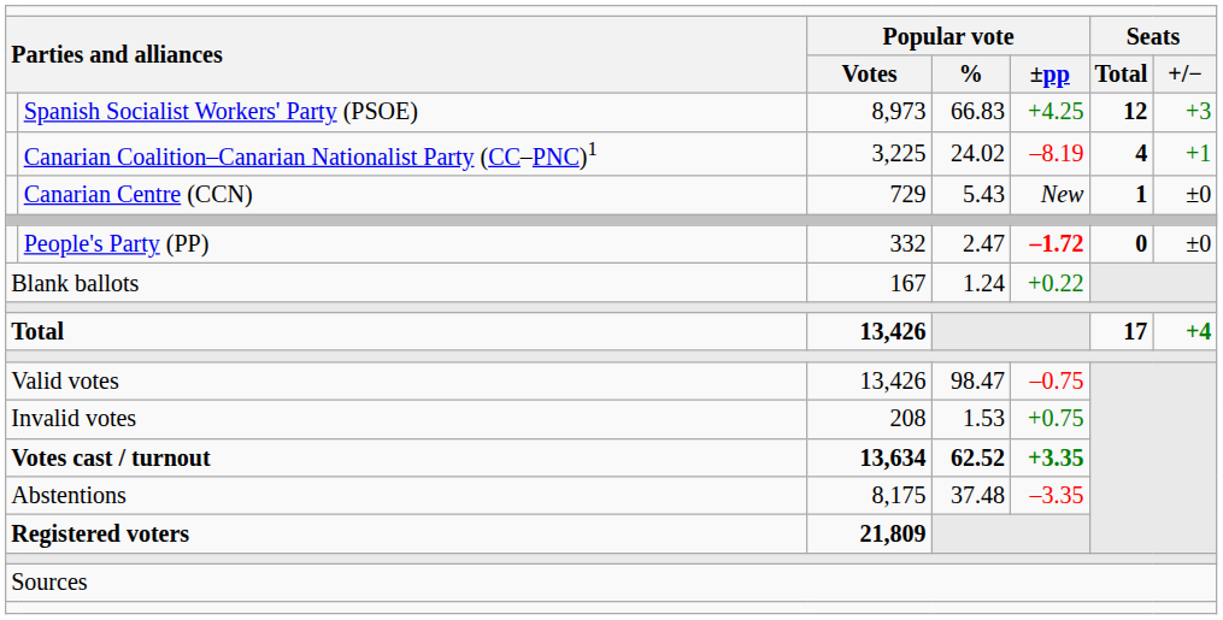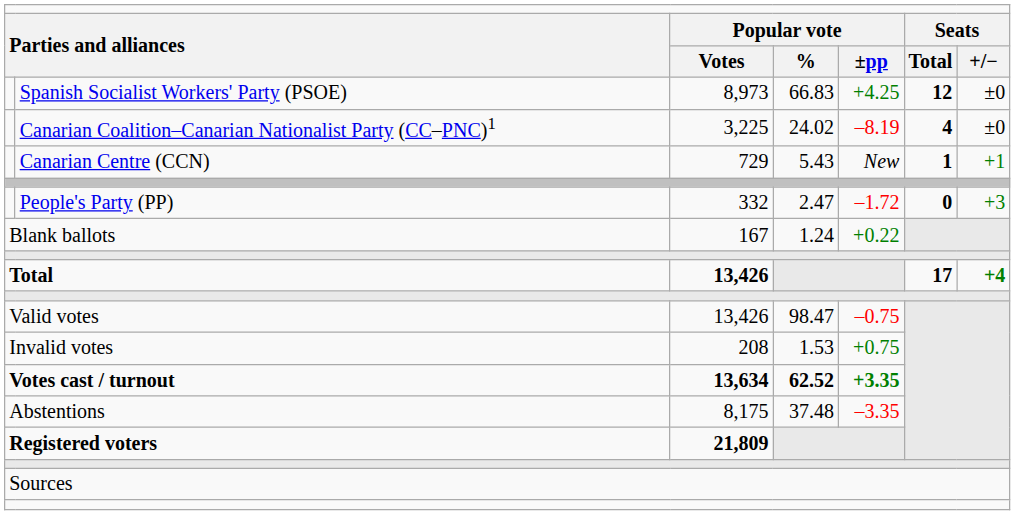 <table class="wikitable" style="text-align:right;">
 <tr>
 <td colspan="7"></td>
 </tr>
 <tr>
 <th style="text-align:left;" rowspan="2" colspan="2" width="525">Parties and alliances</th>
 <th colspan="3">Popular vote</th>
 <th colspan="2">Seats</th>
 </tr>
 <tr>
 <th width="75">Votes</th>
 <th width="45">%</th>
 <th width="45">±<a href='#'>pp</a></th>
 <th width="35">Total</th>
 <th width="35">+/−</th>
 </tr>
 <tr>
 <td width="1" style="color:inherit;background:"></td>
 <td align="left"><a href='#'>Spanish Socialist Workers' Party</a> (PSOE)</td>
 <td>8,973</td>
 <td>66.83</td>
 <td style="color:green;">+4.25</td>
 <td><strong>12</strong></td>
-<td style="color:green;">+3</td>
+<td>±0</td>
 </tr>
 <tr>
 <td style="color:inherit;background:"></td>
 <td align="left"><a href='#'>Canarian Coalition–Canarian Nationalist Party</a> (<a href='#'>CC</a>–<a href='#'>PNC</a>)<sup>1</sup></td>
 <td>3,225</td>
 <td>24.02</td>
 <td style="color:red;">–8.19</td>
 <td><strong>4</strong></td>
-<td style="color:green;">+1</td>
+<td>±0</td>
 </tr>
 <tr>
 <td style="color:inherit;background:"></td>
 <td align="left"><a href='#'>Canarian Centre</a> (CCN)</td>
 <td>729</td>
 <td>5.43</td>
 <td><em>New</em></td>
 <td><strong>1</strong></td>
-<td>±0</td>
+<td style="color:green;">+1</td>
 </tr>
 <tr>
 <td colspan="7" bgcolor="#C0C0C0"></td>
 </tr>
 <tr>
 <td style="color:inherit;background:"></td>
 <td align="left"><a href='#'>People's Party</a> (PP)</td>
 <td>332</td>
 <td>2.47</td>
-<td style="color:red;"><strong>–1.72</strong></td>
+<td style="color:red;">–1.72</td>
 <td><strong>0</strong></td>
-<td>±0</td>
+<td style="color:green;">+3</td>
 </tr>
 <tr>
 <td align="left" colspan="2">Blank ballots</td>
 <td>167</td>
 <td>1.24</td>
 <td style="color:green;">+0.22</td>
 <td bgcolor="#E9E9E9" colspan="2"></td>
 </tr>
 <tr>
 <td colspan="7" bgcolor="#E9E9E9"></td>
 </tr>
 <tr style="font-weight:bold;">
 <td align="left" colspan="2">Total</td>
 <td>13,426</td>
 <td bgcolor="#E9E9E9" colspan="2"></td>
 <td>17</td>
 <td style="color:green;">+4</td>
 </tr>
 <tr>
 <td colspan="7" bgcolor="#E9E9E9"></td>
 </tr>
 <tr>
 <td align="left" colspan="2">Valid votes</td>
 <td>13,426</td>
 <td>98.47</td>
 <td style="color:red;">–0.75</td>
 <td bgcolor="#E9E9E9" colspan="2" rowspan="5"></td>
 </tr>
 <tr>
 <td align="left" colspan="2">Invalid votes</td>
 <td>208</td>
 <td>1.53</td>
 <td style="color:green;">+0.75</td>
 </tr>
 <tr style="font-weight:bold;">
 <td align="left" colspan="2">Votes cast / turnout</td>
 <td>13,634</td>
 <td>62.52</td>
 <td style="color:green;">+3.35</td>
 </tr>
 <tr>
 <td align="left" colspan="2">Abstentions</td>
 <td>8,175</td>
 <td>37.48</td>
 <td style="color:red;">–3.35</td>
 </tr>
 <tr style="font-weight:bold;">
 <td align="left" colspan="2">Registered voters</td>
 <td>21,809</td>
 <td bgcolor="#E9E9E9" colspan="2"></td>
 </tr>
 <tr>
 <td colspan="7" bgcolor="#E9E9E9"></td>
 </tr>
 <tr>
 <td align="left" colspan="7">Sources</td>
 </tr>
 <tr>
 <td colspan="7" style="text-align:left; max-width:790px;"></td>
 </tr>
 </table>
